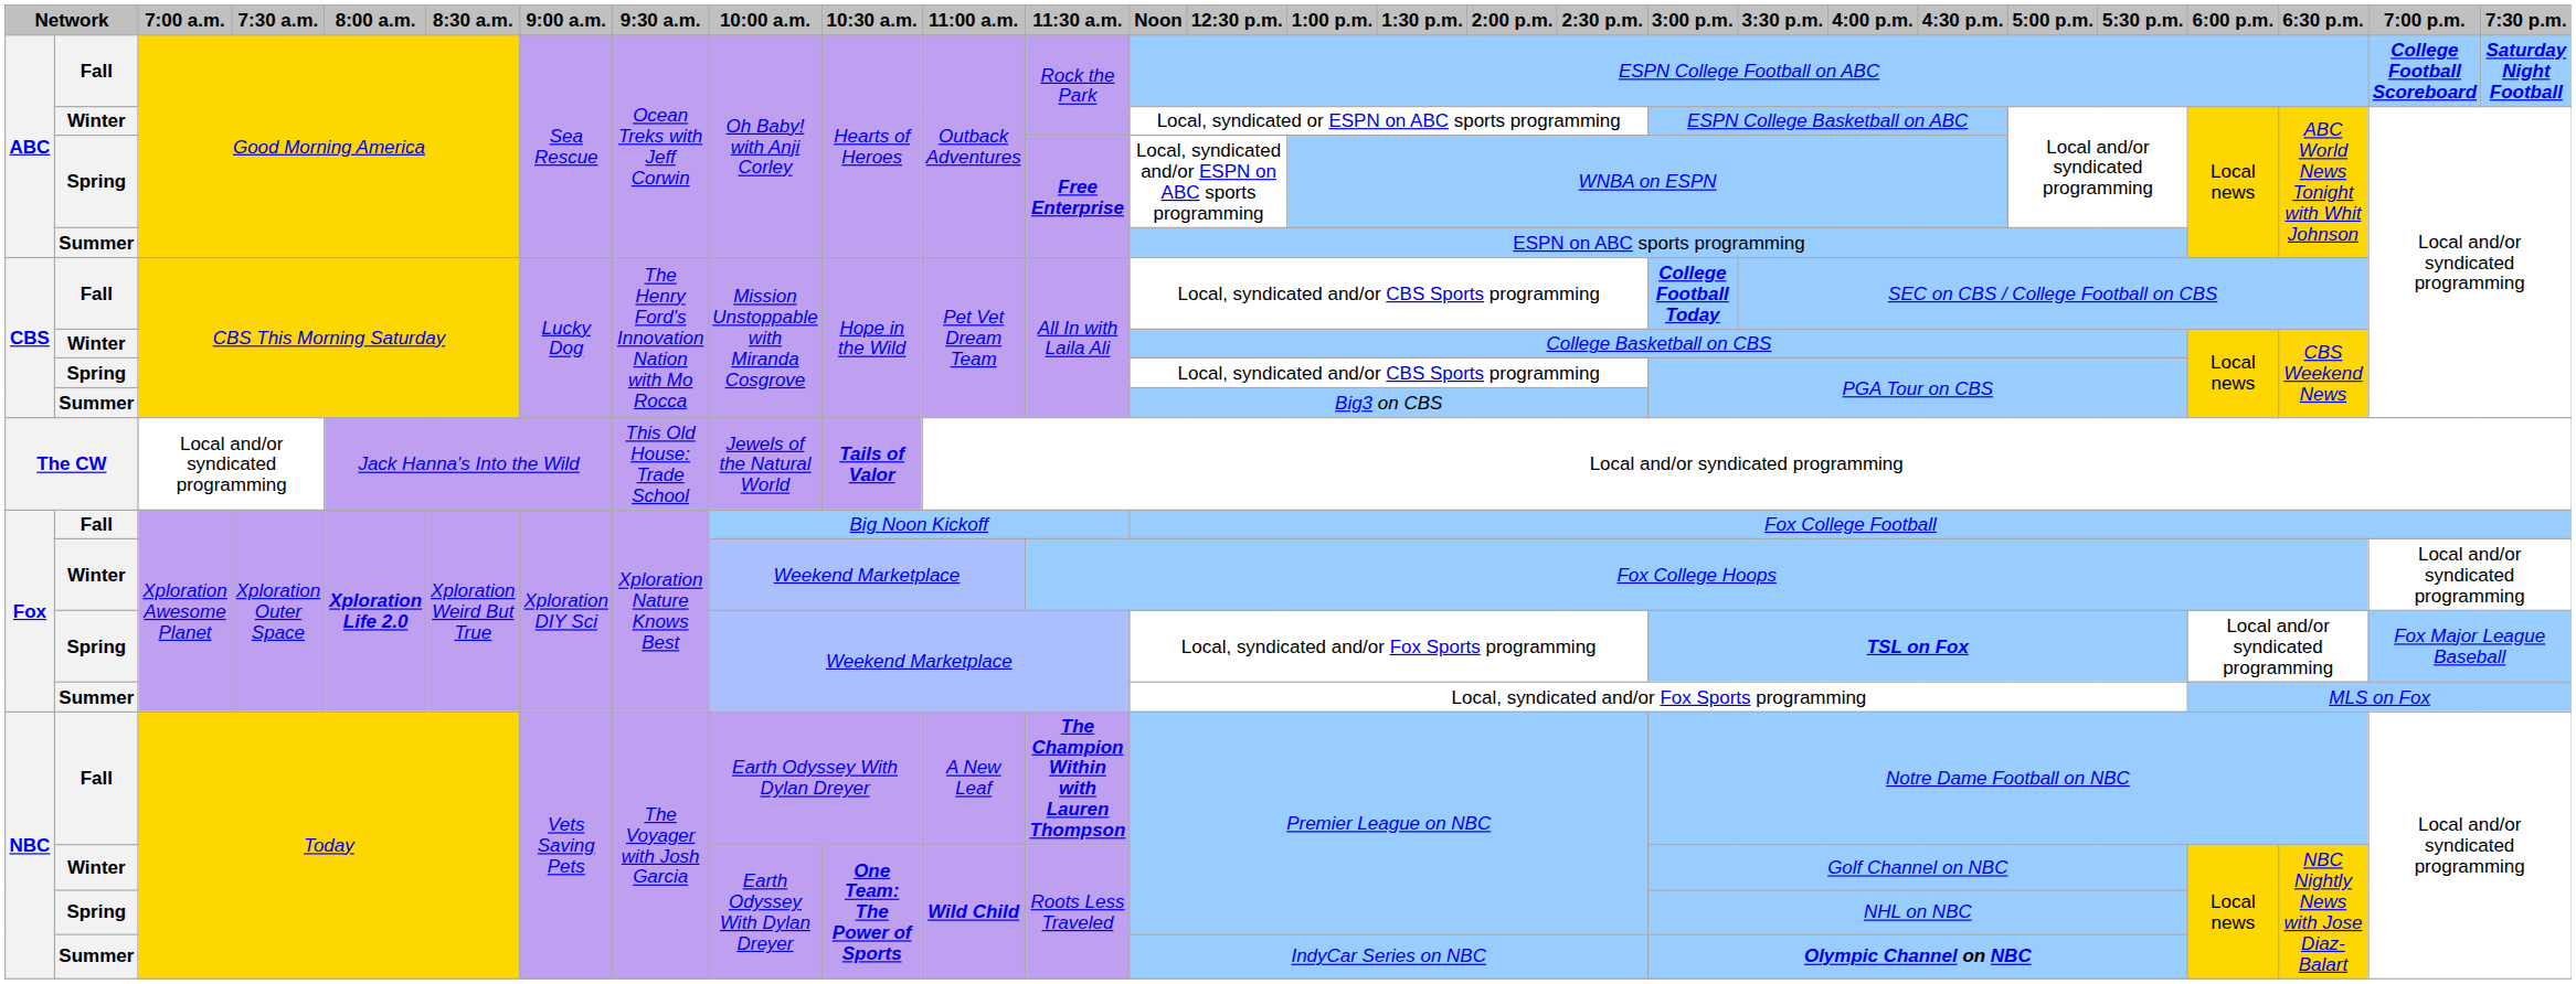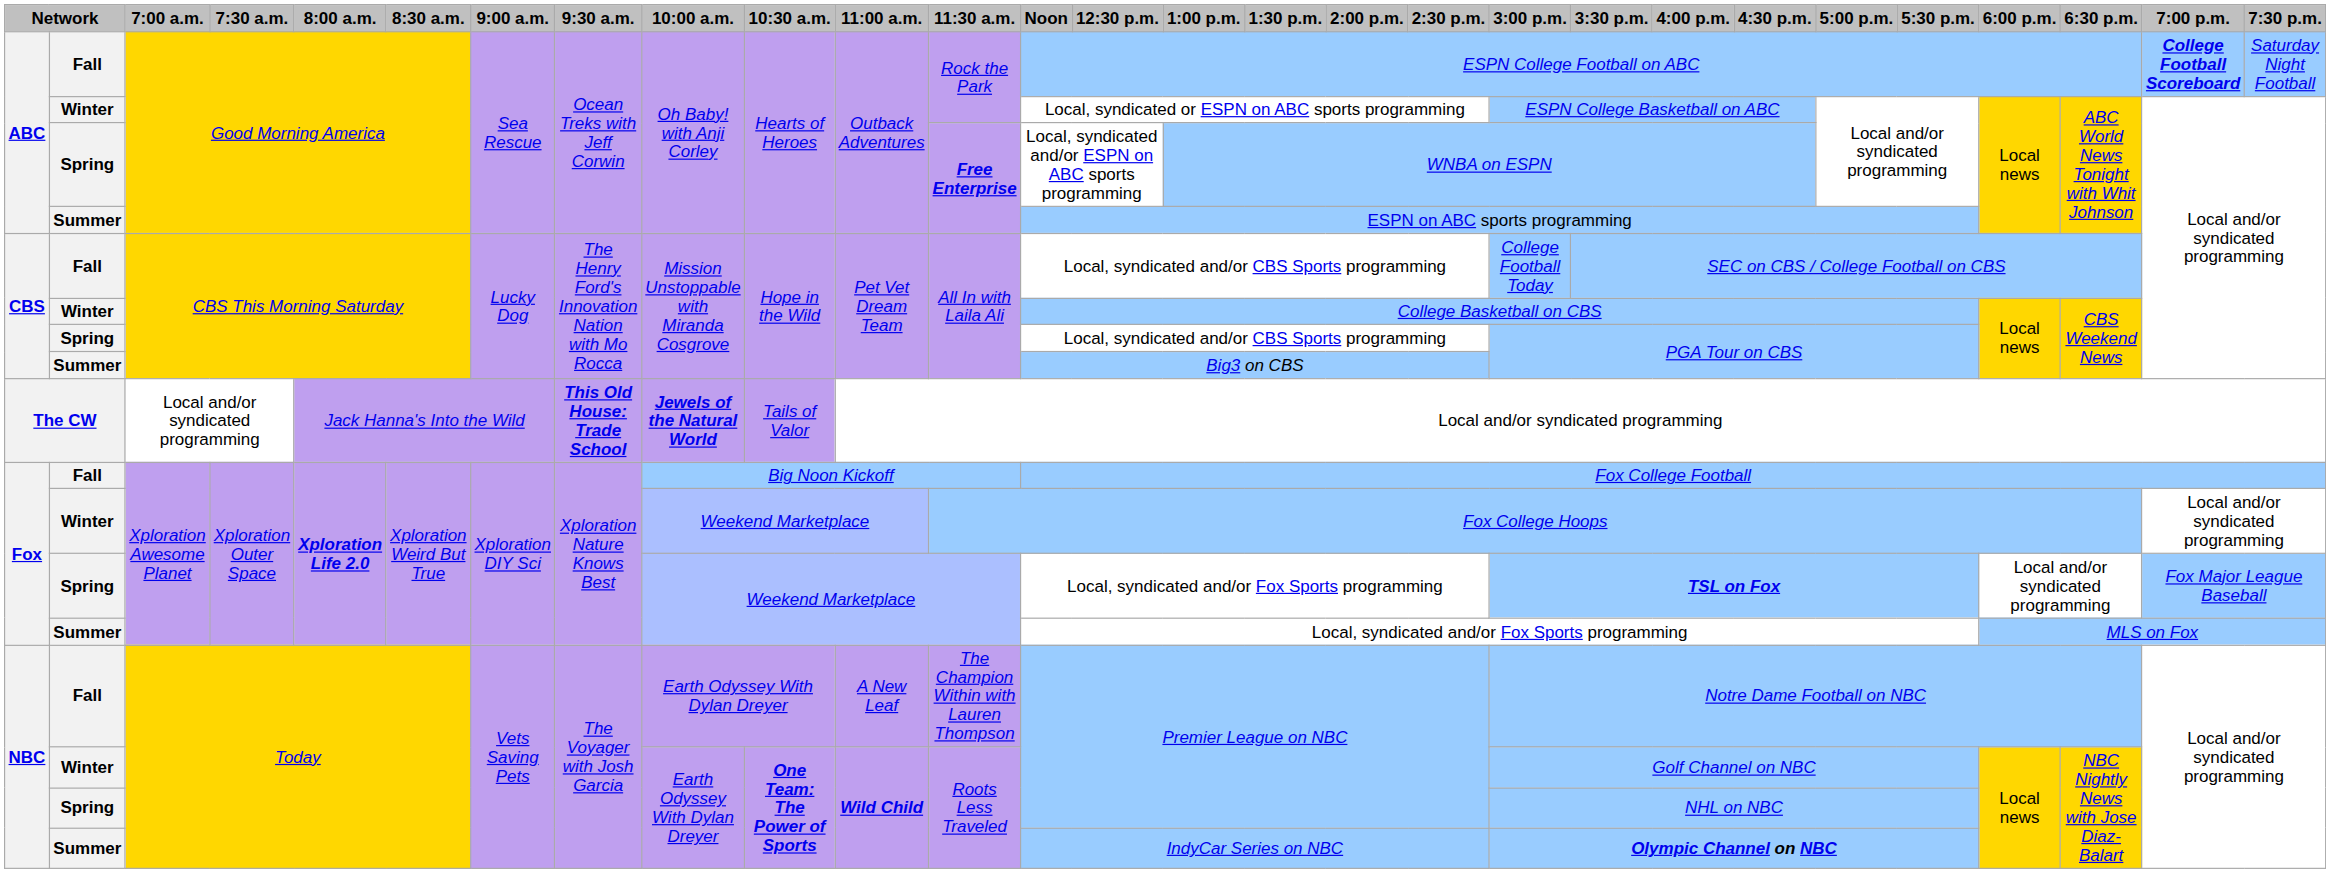 <table class="wikitable" style="width:100%;margin-right:0;font-size:90%;text-align:center">
 <tr>
 <th colspan="2" style="background:#C0C0C0; text-align:center;">Network</th>
 <th style="background:#C0C0C0; text-align:center;">7:00 a.m.</th>
 <th style="background:#C0C0C0; text-align:center;">7:30 a.m.</th>
 <th style="background:#C0C0C0; text-align:center;">8:00 a.m.</th>
 <th style="background:#C0C0C0; text-align:center;">8:30 a.m.</th>
 <th style="background:#C0C0C0; text-align:center;">9:00 a.m.</th>
 <th style="background:#C0C0C0; text-align:center;">9:30 a.m.</th>
 <th style="background:#C0C0C0; text-align:center;">10:00 a.m.</th>
 <th style="background:#C0C0C0; text-align:center;">10:30 a.m.</th>
 <th style="background:#C0C0C0; text-align:center;">11:00 a.m.</th>
 <th style="background:#C0C0C0; text-align:center;">11:30 a.m.</th>
 <th style="background:#C0C0C0; text-align:center;">Noon</th>
 <th style="background:#C0C0C0; text-align:center;">12:30 p.m.</th>
 <th style="background:#C0C0C0; text-align:center;">1:00 p.m.</th>
 <th style="background:#C0C0C0; text-align:center;">1:30 p.m.</th>
 <th style="background:#C0C0C0; text-align:center;">2:00 p.m.</th>
 <th style="background:#C0C0C0; text-align:center;">2:30 p.m.</th>
 <th style="background:#C0C0C0; text-align:center;">3:00 p.m.</th>
 <th style="background:#C0C0C0; text-align:center;">3:30 p.m.</th>
 <th style="background:#C0C0C0; text-align:center;">4:00 p.m.</th>
 <th style="background:#C0C0C0; text-align:center;">4:30 p.m.</th>
 <th style="background:#C0C0C0; text-align:center;">5:00 p.m.</th>
 <th style="background:#C0C0C0; text-align:center;">5:30 p.m.</th>
 <th style="background:#C0C0C0; text-align:center;">6:00 p.m.</th>
 <th style="background:#C0C0C0; text-align:center;">6:30 p.m.</th>
 <th style="background:#C0C0C0; text-align:center;">7:00 p.m.</th>
 <th style="background:#C0C0C0; text-align:center;">7:30 p.m.</th>
 </tr>
 <tr>
 <th rowspan="4" bgcolor="#C0C0C0"><a href='#'>ABC</a></th>
 <th>Fall</th>
 <td colspan="4" rowspan="4" bgcolor="gold"><em><a href='#'>Good Morning America</a></em></td>
 <td rowspan="4" bgcolor="bf9fef"><em><a href='#'>Sea Rescue</a></em> </td>
 <td rowspan="4" bgcolor="bf9fef"><em><a href='#'>Ocean Treks with Jeff Corwin</a></em></td>
 <td rowspan="4" bgcolor="bf9fef"><em><a href='#'>Oh Baby! with Anji Corley</a></em></td>
 <td rowspan="4" bgcolor="bf9fef"><em><a href='#'>Hearts of Heroes</a></em></td>
 <td rowspan="4" bgcolor="bf9fef"><em><a href='#'>Outback Adventures</a></em> </td>
 <td rowspan="2" bgcolor="bf9fef"><em><a href='#'>Rock the Park</a></em></td>
 <td colspan="14" bgcolor="#99ccff"><em><a href='#'>ESPN College Football on ABC</a></em></td>
 <td bgcolor="#99ccff"><strong><em><a href='#'>College Football Scoreboard</a></em></strong></td>
-<td bgcolor="#99ccff"><strong><em><a href='#'>Saturday Night Football</a></em> </strong></td>
+<td bgcolor="#99ccff"><em><a href='#'>Saturday Night Football</a></em> </td>
 </tr>
 <tr>
 <th>Winter</th>
 <td colspan="6" bgcolor="white">Local, syndicated or <a href='#'>ESPN on ABC</a> sports programming</td>
 <td colspan="4" bgcolor="#99ccff"><em><a href='#'>ESPN College Basketball on ABC</a></em></td>
 <td colspan="2" rowspan="2" bgcolor="white">Local and/or syndicated programming</td>
 <td rowspan="3" bgcolor="gold">Local news</td>
 <td rowspan="3" bgcolor="gold"><em><a href='#'>ABC World News Tonight with Whit Johnson</a></em></td>
 <td colspan="2" rowspan="7" bgcolor="white">Local and/or syndicated programming</td>
 </tr>
 <tr>
 <th>Spring</th>
 <td rowspan="2" bgcolor="#bf9fef"><strong><em><a href='#'>Free Enterprise</a></em></strong></td>
 <td colspan="2" bgcolor="white">Local, syndicated and/or <a href='#'>ESPN on ABC</a> sports programming</td>
 <td colspan="8" bgcolor="#99ccff"><em><a href='#'>WNBA on ESPN</a></em></td>
 </tr>
 <tr>
 <th>Summer</th>
 <td colspan="12" bgcolor="#99ccff"><a href='#'>ESPN on ABC</a> sports programming</td>
 </tr>
 <tr>
 <th rowspan="4" bgcolor="#C0C0C0"><a href='#'>CBS</a></th>
 <th>Fall</th>
 <td colspan="4" rowspan="4" bgcolor="gold"><em><a href='#'>CBS This Morning Saturday</a></em></td>
 <td rowspan="4" bgcolor="bf9fef"><em><a href='#'>Lucky Dog</a></em></td>
 <td rowspan="4" bgcolor="bf9fef"><em><a href='#'>The Henry Ford's Innovation Nation with Mo Rocca</a></em></td>
 <td rowspan="4" bgcolor="bf9fef"><em><a href='#'>Mission Unstoppable with Miranda Cosgrove</a></em></td>
 <td rowspan="4" bgcolor="bf9fef"><em><a href='#'>Hope in the Wild</a></em></td>
 <td rowspan="4" bgcolor="bf9fef"><em><a href='#'>Pet Vet Dream Team</a></em></td>
 <td rowspan="4" bgcolor="bf9fef"><em><a href='#'>All In with Laila Ali</a></em> </td>
 <td colspan="6" bgcolor="white">Local, syndicated and/or <a href='#'>CBS Sports</a> programming</td>
-<td bgcolor="#99ccff"><strong><em><a href='#'>College Football Today</a></em></strong></td>
+<td bgcolor="#99ccff"><em><a href='#'>College Football Today</a></em></td>
 <td colspan="7" bgcolor="#99ccff"><em><a href='#'>SEC on CBS / College Football on CBS</a></em></td>
 </tr>
 <tr>
 <th>Winter</th>
 <td colspan="12" bgcolor="#99ccff"><em><a href='#'>College Basketball on CBS</a></em></td>
 <td rowspan="3" bgcolor="gold">Local news</td>
 <td rowspan="3" bgcolor="gold"><em><a href='#'>CBS Weekend News</a></em></td>
 </tr>
 <tr>
 <th>Spring</th>
 <td colspan="6" bgcolor="white">Local, syndicated and/or <a href='#'>CBS Sports</a> programming</td>
 <td colspan="6" rowspan="2" bgcolor="#99ccff"><em><a href='#'>PGA Tour on CBS</a></em></td>
 </tr>
 <tr>
 <th>Summer</th>
 <td colspan="6" bgcolor="#99ccff"><em><a href='#'>Big3</a> on CBS</em></td>
 </tr>
 <tr>
 <th colspan="2" bgcolor="#C0C0C0"><a href='#'>The CW</a></th>
 <td colspan="2" bgcolor="white">Local and/or syndicated programming</td>
 <td colspan="3" bgcolor="bf9fef"><em><a href='#'>Jack Hanna's Into the Wild</a></em></td>
-<td bgcolor="bf9fef"><em><a href='#'>This Old House: Trade School</a></em></td>
-<td bgcolor="bf9fef"><em><a href='#'>Jewels of the Natural World</a></em></td>
-<td bgcolor="bf9fef"><strong><em><a href='#'>Tails of Valor</a></em> </strong></td>
+<td bgcolor="bf9fef"><strong><em><a href='#'>This Old House: Trade School</a></em></strong></td>
+<td bgcolor="bf9fef"><strong><em><a href='#'>Jewels of the Natural World</a></em></strong></td>
+<td bgcolor="bf9fef"><em><a href='#'>Tails of Valor</a></em> </td>
 <td colspan="20" bgcolor="white">Local and/or syndicated programming</td>
 </tr>
 <tr>
 <th rowspan="4" bgcolor="#C0C0C0"><a href='#'>Fox</a></th>
 <th>Fall</th>
 <td rowspan="4" bgcolor="bf9fef"><em><a href='#'>Xploration Awesome Planet</a></em></td>
 <td rowspan="4" bgcolor="bf9fef"><em><a href='#'>Xploration Outer Space</a></em></td>
 <td rowspan="4" bgcolor="bf9fef"><strong><em><a href='#'>Xploration Life 2.0</a></em></strong></td>
 <td rowspan="4" bgcolor="bf9fef"><em><a href='#'>Xploration Weird But True</a></em></td>
 <td rowspan="4" bgcolor="bf9fef"><em><a href='#'>Xploration DIY Sci</a></em></td>
 <td rowspan="4" bgcolor="bf9fef"><em><a href='#'>Xploration Nature Knows Best</a></em></td>
 <td colspan="4" bgcolor="#99ccff"><em><a href='#'>Big Noon Kickoff</a></em></td>
 <td colspan="16" bgcolor="#99ccff"><em><a href='#'>Fox College Football</a></em> </td>
 </tr>
 <tr>
 <th>Winter</th>
 <td colspan="3" bgcolor="#abbfff"><em><a href='#'>Weekend Marketplace</a></em></td>
 <td colspan="15" bgcolor="#99ccff"><em><a href='#'>Fox College Hoops</a></em></td>
 <td colspan="2" bgcolor="white">Local and/or syndicated programming</td>
 </tr>
 <tr>
 <th>Spring</th>
 <td colspan="4" rowspan="2" bgcolor="#abbfff"><em><a href='#'>Weekend Marketplace</a></em></td>
 <td colspan="6" bgcolor="white">Local, syndicated and/or <a href='#'>Fox Sports</a> programming</td>
 <td colspan="6" bgcolor="#99ccff"><strong><em><a href='#'>TSL on Fox</a></em></strong></td>
 <td colspan="2" bgcolor="white">Local and/or syndicated programming</td>
 <td colspan="2" bgcolor="#99ccff"><em><a href='#'>Fox Major League Baseball</a></em> </td>
 </tr>
 <tr>
 <th>Summer</th>
 <td colspan="12" bgcolor="white">Local, syndicated and/or <a href='#'>Fox Sports</a> programming</td>
 <td colspan="4" bgcolor="#99ccff"><em><a href='#'>MLS on Fox</a></em></td>
 </tr>
 <tr>
 <th rowspan="4" bgcolor="#C0C0C0"><a href='#'>NBC</a></th>
 <th>Fall</th>
 <td colspan="4" rowspan="4" bgcolor="gold"><em><a href='#'>Today</a></em></td>
 <td rowspan="4" bgcolor="bf9fef"><em><a href='#'>Vets Saving Pets</a></em></td>
 <td rowspan="4" bgcolor="bf9fef"><em><a href='#'>The Voyager with Josh Garcia</a></em></td>
 <td colspan="2" bgcolor="bf9fef"><em><a href='#'>Earth Odyssey With Dylan Dreyer</a></em></td>
 <td bgcolor="bf9fef"><em><a href='#'>A New Leaf</a></em> </td>
-<td bgcolor="bf9fef"><strong><em><a href='#'>The Champion Within with Lauren Thompson</a></em></strong></td>
+<td bgcolor="bf9fef"><em><a href='#'>The Champion Within with Lauren Thompson</a></em></td>
 <td colspan="6" rowspan="3" bgcolor="#99ccff"><em><a href='#'>Premier League on NBC</a></em></td>
 <td colspan="8" bgcolor="#99ccff"><em><a href='#'>Notre Dame Football on NBC</a></em></td>
 <td colspan="2" rowspan="4" bgcolor="white">Local and/or syndicated programming</td>
 </tr>
 <tr>
 <th>Winter</th>
 <td rowspan="3" bgcolor="bf9fef"><em><a href='#'>Earth Odyssey With Dylan Dreyer</a></em></td>
 <td rowspan="3" bgcolor="bf9fef"><strong><em><a href='#'>One Team: The Power of Sports</a></em></strong></td>
 <td rowspan="3" bgcolor="bf9fef"><strong><em><a href='#'>Wild Child</a></em></strong></td>
 <td rowspan="3" bgcolor="bf9fef"><em><a href='#'>Roots Less Traveled</a></em></td>
 <td colspan="6" bgcolor="#99ccff"><em><a href='#'>Golf Channel on NBC</a></em></td>
 <td rowspan="3" bgcolor="gold">Local news</td>
 <td rowspan="3" bgcolor="gold"><em><a href='#'>NBC Nightly News with Jose Diaz-Balart</a></em></td>
 </tr>
 <tr>
 <th>Spring</th>
 <td colspan="6" bgcolor="#99ccff"><em><a href='#'>NHL on NBC</a></em></td>
 </tr>
 <tr>
 <th>Summer</th>
 <td colspan="6" bgcolor="#99ccff"><em><a href='#'>IndyCar Series on NBC</a></em></td>
 <td colspan="6" bgcolor="#99ccff"><strong><em><a href='#'>Olympic Channel</a> on <a href='#'>NBC</a></em></strong></td>
 </tr>
 </table>
